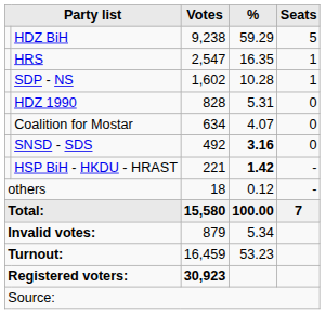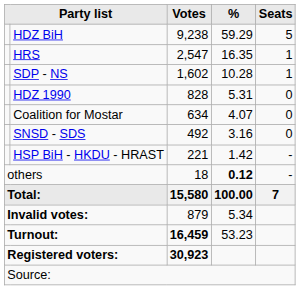 <table class="wikitable" border="1">
 <tr>
 <th colspan="2" align="center" style="background-color:#E9E9E9">Party list</th>
 <th align="center" style="background-color:#E9E9E9">Votes</th>
 <th align="center" style="background-color:#E9E9E9">%</th>
 <th align="center" style="background-color:#E9E9E9">Seats</th>
 </tr>
 <tr>
 <td></td>
 <td align="left"><a href='#'>HDZ BiH</a></td>
 <td align="right">9,238</td>
 <td align="right">59.29</td>
 <td align="right">5</td>
 </tr>
 <tr>
 <td></td>
 <td align="left"><a href='#'>HRS</a></td>
 <td align="right">2,547</td>
 <td align="right">16.35</td>
 <td align="right">1</td>
 </tr>
 <tr>
 <td></td>
 <td align="left"><a href='#'>SDP</a> - <a href='#'>NS</a></td>
 <td align="right">1,602</td>
 <td align="right">10.28</td>
 <td align="right">1</td>
 </tr>
 <tr>
 <td></td>
 <td align="left"><a href='#'>HDZ 1990</a></td>
 <td align="right">828</td>
 <td align="right">5.31</td>
 <td align="right">0</td>
 </tr>
 <tr>
 <td></td>
 <td align="left">Coalition for Mostar</td>
 <td align="right">634</td>
 <td align="right">4.07</td>
 <td align="right">0</td>
 </tr>
 <tr>
 <td></td>
 <td align="left"><a href='#'>SNSD</a> - <a href='#'>SDS</a></td>
 <td align="right">492</td>
-<td align="right"><strong>3.16</strong></td>
+<td align="right">3.16</td>
 <td align="right">0</td>
 </tr>
 <tr>
 <td></td>
 <td align="left"><a href='#'>HSP BiH</a> - <a href='#'>HKDU</a> - HRAST</td>
 <td align="right">221</td>
-<td align="right"><strong>1.42</strong></td>
+<td align="right">1.42</td>
 <td align="right">-</td>
 </tr>
 <tr>
 <td colspan="2">others</td>
 <td align="right">18</td>
-<td align="right">0.12</td>
+<td align="right"><strong>0.12</strong></td>
 <td align="right">-</td>
 </tr>
 <tr style="background-color:#E9E9E9">
 <td colspan="2" align="left"><strong>Total:</strong></td>
 <th align="right">15,580</th>
 <th align="right">100.00</th>
 <th align="right">7</th>
 </tr>
 <tr>
 <td colspan="2" align="left"><strong>Invalid votes:</strong></td>
 <td align="right">879</td>
 <td align="right">5.34</td>
 <td align="right"></td>
 </tr>
 <tr>
 <td colspan="2" align="left"><strong>Turnout:</strong></td>
-<td align="right">16,459</td>
+<td align="right"><strong>16,459</strong></td>
 <td align="right">53.23</td>
 <td align="right"></td>
 </tr>
 <tr>
 <td colspan="2" align="left"><strong>Registered voters:</strong></td>
 <td align="right"><strong>30,923</strong></td>
 <td align="right"></td>
 <td align="right"></td>
 </tr>
 <tr>
 <td colspan="5" align="left">Source: </td>
 </tr>
 </table>
